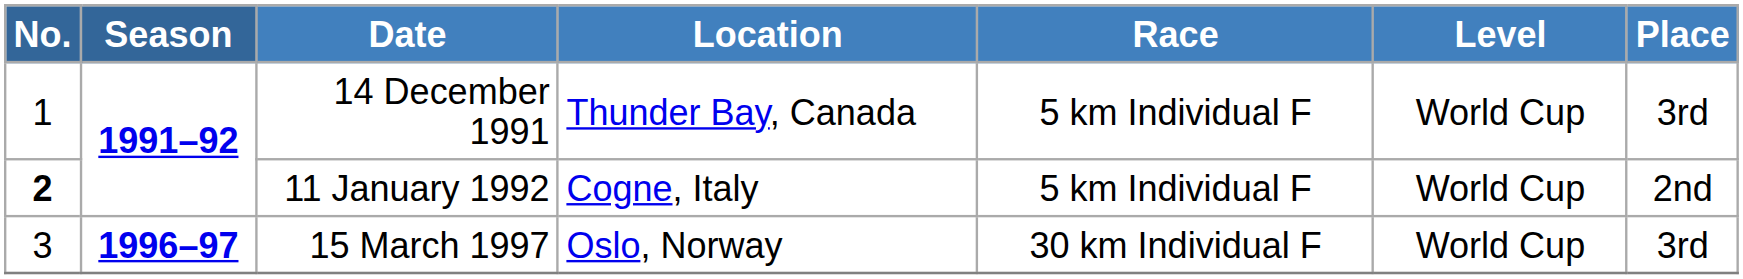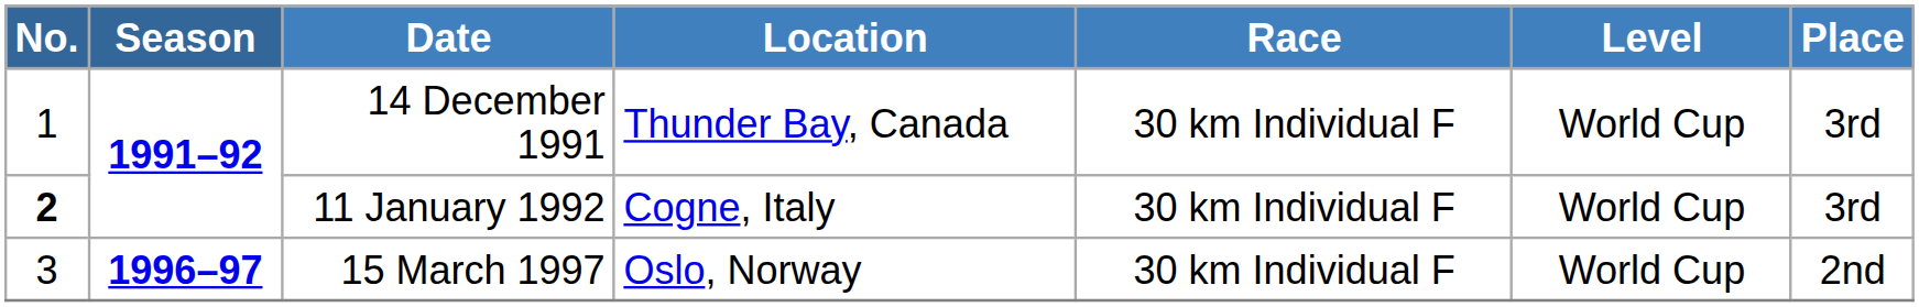 <table class="wikitable sortable" style="font-size:95%; text-align:center; border:grey solid 1px; border-collapse:collapse; background:#ffffff;">
 <tr style="background:#efefef;">
 <th style="background-color:#369; color:white;">No.</th>
 <th style="background-color:#369; color:white;">Season</th>
 <th style="background-color:#4180be; color:white; width:120px;">Date</th>
 <th style="background-color:#4180be; color:white; width:170px;">Location</th>
 <th style="background-color:#4180be; color:white; width:160px;">Race</th>
 <th style="background-color:#4180be; color:white; width:100px;">Level</th>
 <th style="background-color:#4180be; color:white;">Place</th>
 </tr>
 <tr>
 <td align=center>1</td>
 <td rowspan=2 align=center><strong> <a href='#'>1991–92</a> </strong></td>
 <td align=right>14 December 1991</td>
 <td align=left> <a href='#'>Thunder Bay</a>, Canada</td>
-<td>5 km Individual F</td>
+<td>30 km Individual F</td>
 <td>World Cup</td>
 <td>3rd</td>
 </tr>
 <tr>
 <td align=center><strong>2</strong></td>
 <td align=right>11 January 1992</td>
 <td align=left> <a href='#'>Cogne</a>, Italy</td>
-<td>5 km Individual F</td>
+<td>30 km Individual F</td>
 <td>World Cup</td>
-<td>2nd</td>
+<td>3rd</td>
 </tr>
 <tr>
 <td align=center>3</td>
 <td rowspan=1 align=center><strong> <a href='#'>1996–97</a> </strong></td>
 <td align=right>15 March 1997</td>
 <td align=left> <a href='#'>Oslo</a>, Norway</td>
 <td>30 km Individual F</td>
 <td>World Cup</td>
-<td>3rd</td>
+<td>2nd</td>
 </tr>
 <tr>
 </tr>
 </table>
